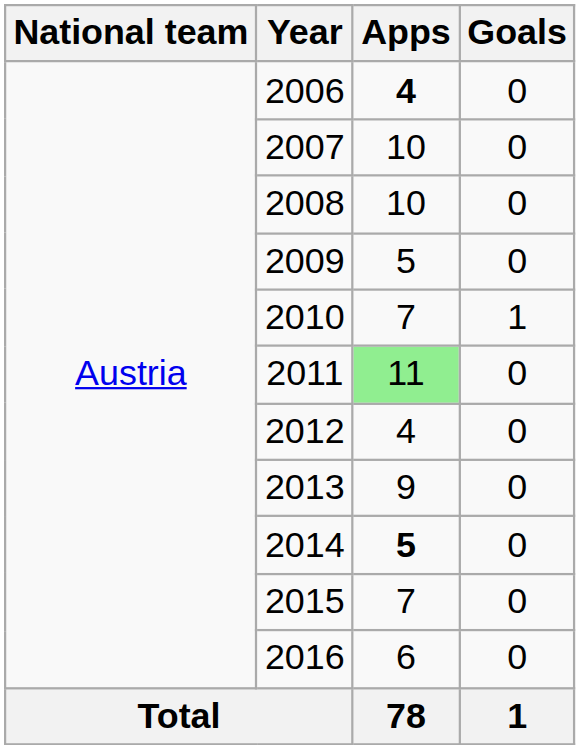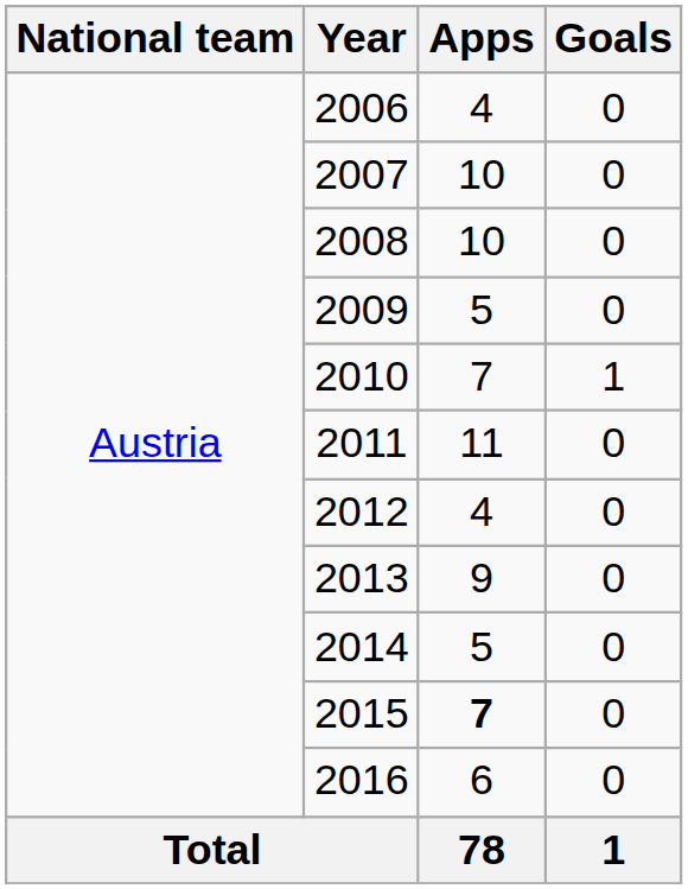 <table class="wikitable" style="text-align:center">
 <tr>
 <th>National team</th>
 <th>Year</th>
 <th>Apps</th>
 <th>Goals</th>
 </tr>
 <tr>
 <td rowspan="11"><a href='#'>Austria</a></td>
 <td>2006</td>
-<td><strong>4</strong></td>
+<td>4</td>
 <td>0</td>
 </tr>
 <tr>
 <td>2007</td>
 <td>10</td>
 <td>0</td>
 </tr>
 <tr>
 <td>2008</td>
 <td>10</td>
 <td>0</td>
 </tr>
 <tr>
 <td>2009</td>
 <td>5</td>
 <td>0</td>
 </tr>
 <tr>
 <td>2010</td>
 <td>7</td>
 <td>1</td>
 </tr>
 <tr>
 <td>2011</td>
-<td style="background: lightgreen;">11</td>
+<td>11</td>
 <td>0</td>
 </tr>
 <tr>
 <td>2012</td>
 <td>4</td>
 <td>0</td>
 </tr>
 <tr>
 <td>2013</td>
 <td>9</td>
 <td>0</td>
 </tr>
 <tr>
 <td>2014</td>
-<td><strong>5</strong></td>
+<td>5</td>
 <td>0</td>
 </tr>
 <tr>
 <td>2015</td>
-<td>7</td>
+<td><strong>7</strong></td>
 <td>0</td>
 </tr>
 <tr>
 <td>2016</td>
 <td>6</td>
 <td>0</td>
 </tr>
 <tr>
 <th colspan="2">Total</th>
 <th>78</th>
 <th>1</th>
 </tr>
 </table>
